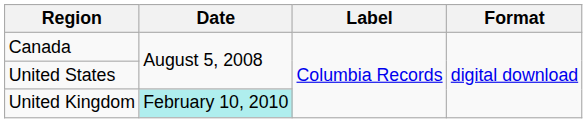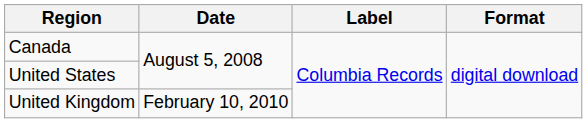 <table class="wikitable plainrowheaders">
 <tr>
 <th scope="col">Region</th>
 <th scope="col">Date</th>
 <th scope="col">Label</th>
 <th scope="col">Format</th>
 </tr>
 <tr>
 <td>Canada</td>
 <td rowspan="2">August 5, 2008</td>
 <td rowspan="3"><a href='#'>Columbia Records</a></td>
 <td rowspan="3"><a href='#'>digital download</a></td>
 </tr>
 <tr>
 <td>United States</td>
 </tr>
 <tr>
 <td>United Kingdom</td>
-<td style="background: paleturquoise;">February 10, 2010</td>
+<td>February 10, 2010</td>
 </tr>
 </table>
